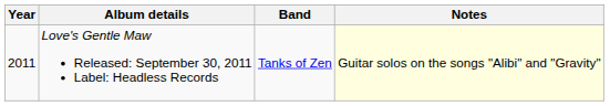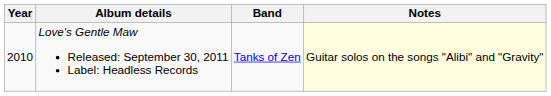 <table class="wikitable">
 <tr>
 <th>Year</th>
 <th>Album details</th>
 <th>Band</th>
 <th>Notes</th>
 </tr>
 <tr>
-<td>2011</td>
+<td>2010</td>
 <td><em>Love's Gentle Maw</em><br><ul><li>Released: September 30, 2011</li><li>Label: Headless Records</li></ul></td>
 <td><a href='#'>Tanks of Zen</a></td>
 <td style="background: lightyellow;">Guitar solos on the songs "Alibi" and "Gravity"</td>
 </tr>
 </table>
